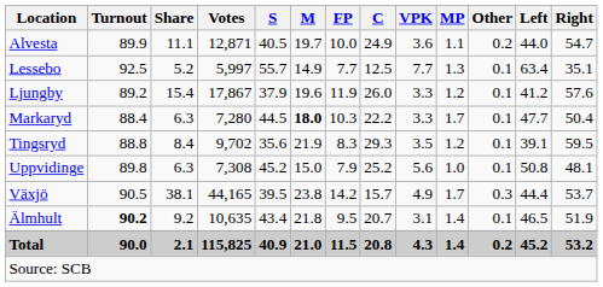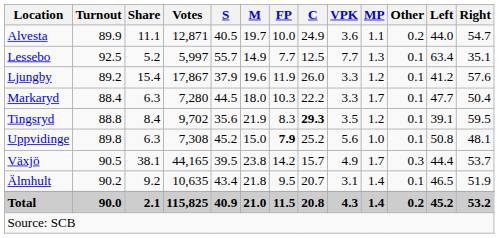 <table class="wikitable sortable" style=text-align:right>
 <tr>
 <th>Location</th>
 <th>Turnout</th>
 <th>Share</th>
 <th>Votes</th>
 <th><a href='#'>S</a></th>
 <th><a href='#'>M</a></th>
 <th><a href='#'>FP</a></th>
 <th><a href='#'>C</a></th>
 <th><a href='#'>VPK</a></th>
 <th><a href='#'>MP</a></th>
 <th>Other</th>
 <th>Left</th>
 <th>Right</th>
 </tr>
 <tr>
 <td align=left><a href='#'>Alvesta</a></td>
 <td>89.9</td>
 <td>11.1</td>
 <td>12,871</td>
 <td>40.5</td>
 <td>19.7</td>
 <td>10.0</td>
 <td>24.9</td>
 <td>3.6</td>
 <td>1.1</td>
 <td>0.2</td>
 <td>44.0</td>
 <td>54.7</td>
 </tr>
 <tr>
 <td align=left><a href='#'>Lessebo</a></td>
 <td>92.5</td>
 <td>5.2</td>
 <td>5,997</td>
 <td>55.7</td>
 <td>14.9</td>
 <td>7.7</td>
 <td>12.5</td>
 <td>7.7</td>
 <td>1.3</td>
 <td>0.1</td>
 <td>63.4</td>
 <td>35.1</td>
 </tr>
 <tr>
 <td align=left><a href='#'>Ljungby</a></td>
 <td>89.2</td>
 <td>15.4</td>
 <td>17,867</td>
 <td>37.9</td>
 <td>19.6</td>
 <td>11.9</td>
 <td>26.0</td>
 <td>3.3</td>
 <td>1.2</td>
 <td>0.1</td>
 <td>41.2</td>
 <td>57.6</td>
 </tr>
 <tr>
 <td align=left><a href='#'>Markaryd</a></td>
 <td>88.4</td>
 <td>6.3</td>
 <td>7,280</td>
 <td>44.5</td>
-<td><strong>18.0</strong></td>
+<td>18.0</td>
 <td>10.3</td>
 <td>22.2</td>
 <td>3.3</td>
 <td>1.7</td>
 <td>0.1</td>
 <td>47.7</td>
 <td>50.4</td>
 </tr>
 <tr>
 <td align=left><a href='#'>Tingsryd</a></td>
 <td>88.8</td>
 <td>8.4</td>
 <td>9,702</td>
 <td>35.6</td>
 <td>21.9</td>
 <td>8.3</td>
-<td>29.3</td>
+<td><strong>29.3</strong></td>
 <td>3.5</td>
 <td>1.2</td>
 <td>0.1</td>
 <td>39.1</td>
 <td>59.5</td>
 </tr>
 <tr>
 <td align=left><a href='#'>Uppvidinge</a></td>
 <td>89.8</td>
 <td>6.3</td>
 <td>7,308</td>
 <td>45.2</td>
 <td>15.0</td>
-<td>7.9</td>
+<td><strong>7.9</strong></td>
 <td>25.2</td>
 <td>5.6</td>
 <td>1.0</td>
 <td>0.1</td>
 <td>50.8</td>
 <td>48.1</td>
 </tr>
 <tr>
 <td align=left><a href='#'>Växjö</a></td>
 <td>90.5</td>
 <td>38.1</td>
 <td>44,165</td>
 <td>39.5</td>
 <td>23.8</td>
 <td>14.2</td>
 <td>15.7</td>
 <td>4.9</td>
 <td>1.7</td>
 <td>0.3</td>
 <td>44.4</td>
 <td>53.7</td>
 </tr>
 <tr>
 <td align=left><a href='#'>Älmhult</a></td>
-<td><strong>90.2</strong></td>
+<td>90.2</td>
 <td>9.2</td>
 <td>10,635</td>
 <td>43.4</td>
 <td>21.8</td>
 <td>9.5</td>
 <td>20.7</td>
 <td>3.1</td>
 <td>1.4</td>
 <td>0.1</td>
 <td>46.5</td>
 <td>51.9</td>
 </tr>
 <tr>
 </tr>
 <tr style="background:#CDCDCD;">
 <td align=left><strong>Total</strong></td>
 <td><strong>90.0</strong></td>
 <td><strong>2.1</strong></td>
 <td><strong>115,825</strong></td>
 <td><strong>40.9</strong></td>
 <td><strong>21.0</strong></td>
 <td><strong>11.5</strong></td>
 <td><strong>20.8</strong></td>
 <td><strong>4.3</strong></td>
 <td><strong>1.4</strong></td>
 <td><strong>0.2</strong></td>
 <td><strong>45.2</strong></td>
 <td><strong>53.2</strong></td>
 </tr>
 <tr>
 <td align=left colspan=13>Source: SCB </td>
 </tr>
 </table>
